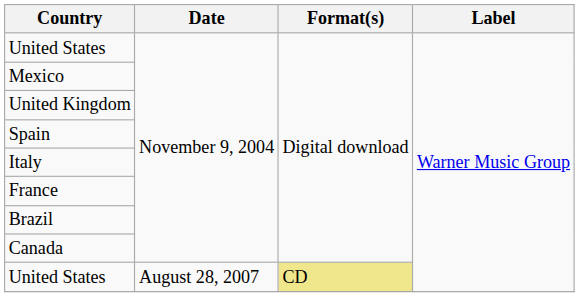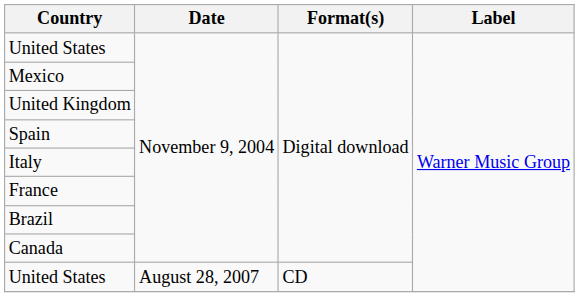 <table class="wikitable plainrowheaders">
 <tr>
 <th scope="col">Country</th>
 <th scope="col">Date</th>
 <th scope="col">Format(s)</th>
 <th scope="col">Label</th>
 </tr>
 <tr>
 <td>United States</td>
 <td rowspan="8">November 9, 2004</td>
 <td rowspan="8">Digital download</td>
 <td rowspan="9"><a href='#'>Warner Music Group</a></td>
 </tr>
 <tr>
 <td>Mexico</td>
 </tr>
 <tr>
 <td>United Kingdom</td>
 </tr>
 <tr>
 <td>Spain</td>
 </tr>
 <tr>
 <td>Italy</td>
 </tr>
 <tr>
 <td>France</td>
 </tr>
 <tr>
 <td>Brazil</td>
 </tr>
 <tr>
 <td>Canada</td>
 </tr>
 <tr>
 <td>United States</td>
 <td rowspan="">August 28, 2007</td>
-<td rowspan="" style="background: khaki;">CD</td>
+<td rowspan="">CD</td>
 </tr>
 <tr>
 </tr>
 </table>
